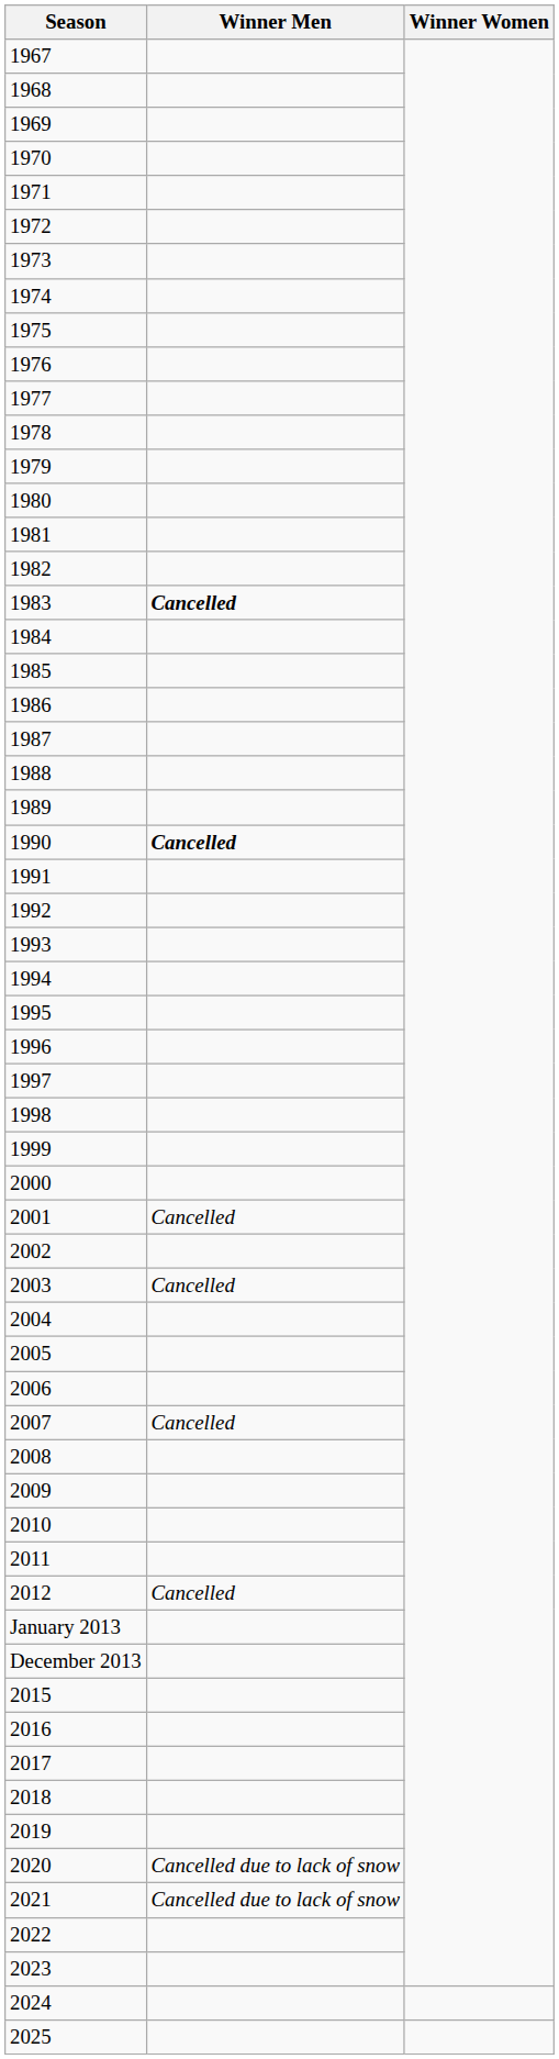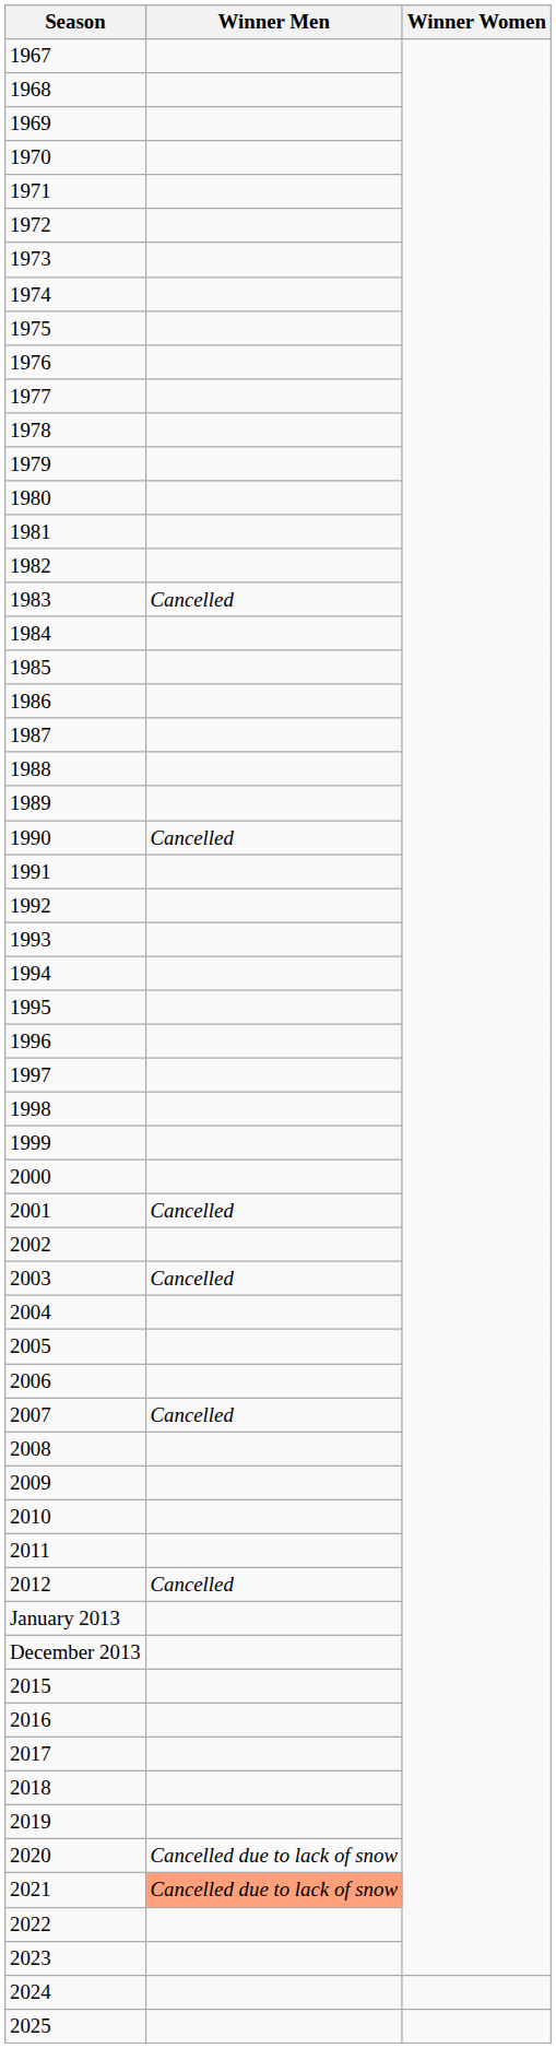 <table class="wikitable" style="font-size:95%">
 <tr bgcolor="#E0E0E0">
 <th>Season</th>
 <th>Winner Men</th>
 <th>Winner Women</th>
 </tr>
 <tr>
 <td>1967</td>
 <td></td>
 </tr>
 <tr>
 <td>1968</td>
 <td></td>
 </tr>
 <tr>
 <td>1969</td>
 <td></td>
 </tr>
 <tr>
 <td>1970</td>
 <td></td>
 </tr>
 <tr>
 <td>1971</td>
 <td></td>
 </tr>
 <tr>
 <td>1972</td>
 <td></td>
 </tr>
 <tr>
 <td>1973</td>
 <td></td>
 </tr>
 <tr>
 <td>1974</td>
 <td></td>
 </tr>
 <tr>
 <td>1975</td>
 <td></td>
 </tr>
 <tr>
 <td>1976</td>
 <td></td>
 </tr>
 <tr>
 <td>1977</td>
 <td></td>
 </tr>
 <tr>
 <td>1978</td>
 <td></td>
 </tr>
 <tr>
 <td>1979</td>
 <td></td>
 </tr>
 <tr>
 <td>1980</td>
 <td></td>
 </tr>
 <tr>
 <td>1981</td>
 <td></td>
 </tr>
 <tr>
 <td>1982</td>
 <td></td>
 </tr>
 <tr>
 <td>1983</td>
-<td><strong><em>Cancelled</em></strong></td>
+<td><em>Cancelled</em></td>
 </tr>
 <tr>
 <td>1984</td>
 <td></td>
 </tr>
 <tr>
 <td>1985</td>
 <td></td>
 </tr>
 <tr>
 <td>1986</td>
 <td></td>
 </tr>
 <tr>
 <td>1987</td>
 <td></td>
 </tr>
 <tr>
 <td>1988</td>
 <td></td>
 </tr>
 <tr>
 <td>1989</td>
 <td></td>
 </tr>
 <tr>
 <td>1990</td>
-<td><strong><em>Cancelled</em></strong></td>
+<td><em>Cancelled</em></td>
 </tr>
 <tr>
 <td>1991</td>
 <td></td>
 </tr>
 <tr>
 <td>1992</td>
 <td></td>
 </tr>
 <tr>
 <td>1993</td>
 <td></td>
 </tr>
 <tr>
 <td>1994</td>
 <td></td>
 </tr>
 <tr>
 <td>1995</td>
 <td></td>
 </tr>
 <tr>
 <td>1996</td>
 <td></td>
 </tr>
 <tr>
 <td>1997</td>
 <td></td>
 </tr>
 <tr>
 <td>1998</td>
 <td></td>
 </tr>
 <tr>
 <td>1999</td>
 <td></td>
 </tr>
 <tr>
 <td>2000</td>
 <td></td>
 </tr>
 <tr>
 <td>2001</td>
 <td><em>Cancelled</em></td>
 </tr>
 <tr>
 <td>2002</td>
 <td></td>
 </tr>
 <tr>
 <td>2003</td>
 <td><em>Cancelled</em></td>
 </tr>
 <tr>
 <td>2004</td>
 <td></td>
 </tr>
 <tr>
 <td>2005</td>
 <td></td>
 </tr>
 <tr>
 <td>2006</td>
 <td></td>
 </tr>
 <tr>
 <td>2007</td>
 <td><em>Cancelled</em></td>
 </tr>
 <tr>
 <td>2008</td>
 <td></td>
 </tr>
 <tr>
 <td>2009</td>
 <td></td>
 </tr>
 <tr>
 <td>2010</td>
 <td></td>
 </tr>
 <tr>
 <td>2011</td>
 <td></td>
 </tr>
 <tr>
 <td>2012</td>
 <td><em>Cancelled</em></td>
 </tr>
 <tr>
 <td>January 2013</td>
 <td></td>
 </tr>
 <tr>
 <td>December 2013</td>
 <td></td>
 </tr>
 <tr>
 <td>2015</td>
 <td></td>
 </tr>
 <tr>
 <td>2016</td>
 <td></td>
 </tr>
 <tr>
 <td>2017</td>
 <td></td>
 </tr>
 <tr>
 <td>2018</td>
 <td></td>
 </tr>
 <tr>
 <td>2019</td>
 <td></td>
 </tr>
 <tr>
 <td>2020</td>
 <td><em>Cancelled due to lack of snow</em></td>
 </tr>
 <tr>
 <td>2021</td>
-<td><em>Cancelled due to lack of snow</em></td>
+<td style="background: lightsalmon;"><em>Cancelled due to lack of snow</em></td>
 </tr>
 <tr>
 <td>2022</td>
 <td></td>
 </tr>
 <tr>
 <td>2023</td>
 <td></td>
 </tr>
 <tr>
 <td>2024</td>
 <td></td>
 <td></td>
 </tr>
 <tr>
 <td>2025</td>
 <td></td>
 <td></td>
 </tr>
 </table>
